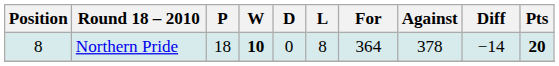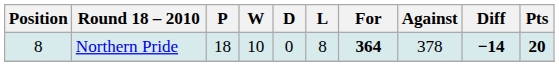 <table class="wikitable" style="text-align:center; font-size:85%;">
 <tr>
 <th width=40 abbr="Position">Position</th>
 <th width=100>Round 18 – 2010</th>
 <th width=20 abbr="Played">P</th>
 <th width=20 abbr="Won">W</th>
 <th width=20 abbr="Drawn">D</th>
 <th width=20 abbr="Lost">L</th>
 <th width=40 abbr="Points for">For</th>
 <th width=40 abbr="Points against">Against</th>
 <th width=40 abbr="Points difference">Diff</th>
 <th width=20 abbr="Points">Pts</th>
 </tr>
 <tr style="background: #d7ebed;">
 <td>8</td>
 <td style="text-align:left;"> <a href='#'>Northern Pride</a></td>
 <td>18</td>
-<td><strong>10</strong></td>
+<td>10</td>
 <td>0</td>
 <td>8</td>
-<td>364</td>
+<td><strong>364</strong></td>
 <td>378</td>
-<td>−14</td>
+<td><strong>−14</strong></td>
 <td><strong>20</strong></td>
 </tr>
 <tr>
 </tr>
 </table>
